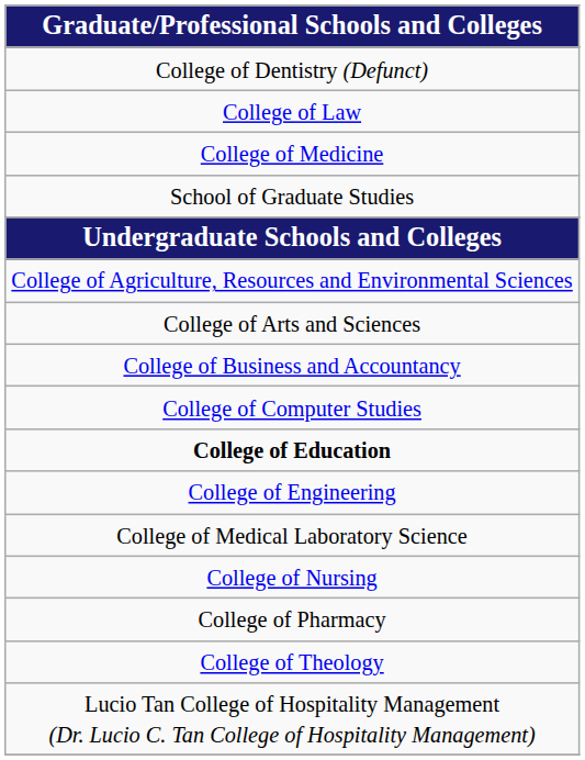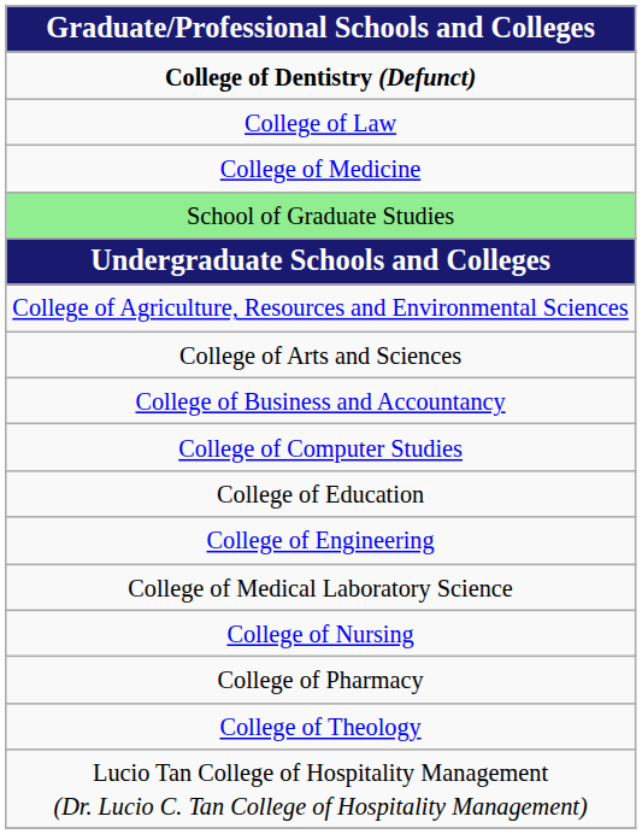 <table class="wikitable floatleft">
 <tr style="color:white; background:#191970; text-align:center;">
 <td><strong>Graduate/Professional Schools and Colleges</strong></td>
 </tr>
 <tr style="color:black; background:#D3D3D3; text-align:center;">
 </tr>
 <tr>
-<td style="text-align:center;"><small> College of Dentistry <em>(Defunct)</em></small></td>
+<td style="text-align:center;"><strong><small> College of Dentistry <em>(Defunct)</em></small></strong></td>
 </tr>
 <tr>
 <td style="text-align:center;"><small> <a href='#'>College of Law</a></small></td>
 </tr>
 <tr>
 <td style="text-align:center;"><small> <a href='#'>College of Medicine</a> </small></td>
 </tr>
 <tr>
-<td style="text-align:center;"><small> School of Graduate Studies </small></td>
+<td style="background: lightgreen; text-align:center;"><small> School of Graduate Studies </small></td>
 </tr>
 <tr>
 </tr>
 <tr style="color:white; background:#191970; text-align:center;">
 <td><strong>Undergraduate Schools and Colleges</strong></td>
 </tr>
 <tr>
 <td style="text-align:center;"><small> <a href='#'>College of Agriculture, Resources and Environmental Sciences</a> </small></td>
 </tr>
 <tr>
 <td style="text-align:center;"><small> College of Arts and Sciences </small></td>
 </tr>
 <tr>
 <td style="text-align:center;"><small> <a href='#'>College of Business and Accountancy</a></small></td>
 </tr>
 <tr>
 <td style="text-align:center;"><small> <a href='#'>College of Computer Studies</a></small></td>
 </tr>
 <tr>
-<td style="text-align:center;"><strong><small> College of Education </small></strong></td>
+<td style="text-align:center;"><small> College of Education </small></td>
 </tr>
 <tr>
 <td style="text-align:center;"><small> <a href='#'>College of Engineering</a> </small></td>
 </tr>
 <tr>
 <td style="text-align:center;"><small> College of Medical Laboratory Science</small></td>
 </tr>
 <tr>
 <td style="text-align:center;"><small> <a href='#'>College of Nursing</a> </small></td>
 </tr>
 <tr>
 <td style="text-align:center;"><small> College of Pharmacy </small></td>
 </tr>
 <tr>
 <td style="text-align:center;"><small> <a href='#'>College of Theology</a></small></td>
 </tr>
 <tr>
 <td style="text-align:center;"><small> Lucio Tan College of Hospitality Management <br> <em>(Dr. Lucio C. Tan College of Hospitality Management)</em></small></td>
 </tr>
 <tr>
 </tr>
 </table>
